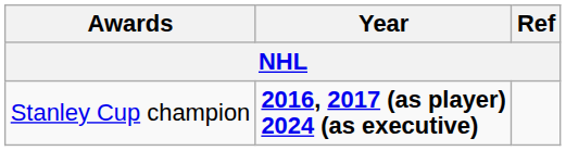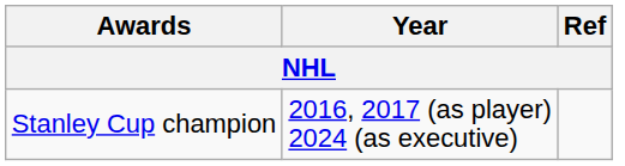 <table class="wikitable">
 <tr>
 <th>Awards</th>
 <th>Year</th>
 <th>Ref</th>
 </tr>
 <tr>
 <th colspan="3"><a href='#'>NHL</a></th>
 </tr>
 <tr>
 <td><a href='#'>Stanley Cup</a> champion</td>
-<td><strong><a href='#'>2016</a>, <a href='#'>2017</a> (as player)<br><a href='#'>2024</a> (as executive)</strong></td>
+<td><a href='#'>2016</a>, <a href='#'>2017</a> (as player)<br><a href='#'>2024</a> (as executive)</td>
 <td></td>
 </tr>
 </table>
